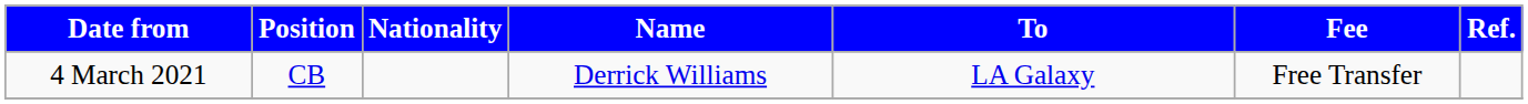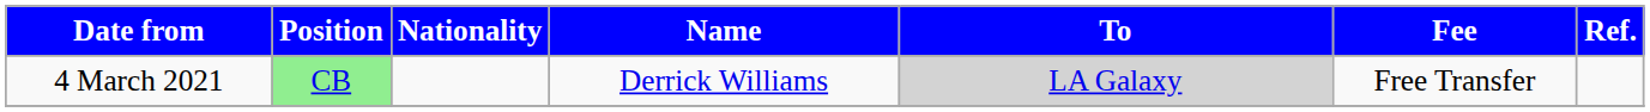 <table class="wikitable"  style="text-align:center; font-size:90%; ">
 <tr>
 <th style="background:#0000FF; color:white; width:120px;">Date from</th>
 <th style="background:#0000FF; color:white; width:50px;">Position</th>
 <th style="background:#0000FF; color:white; width:50px;">Nationality</th>
 <th style="background:#0000FF; color:white; width:160px;">Name</th>
 <th style="background:#0000FF; color:white; width:200px;">To</th>
 <th style="background:#0000FF; color:white; width:110px;">Fee</th>
 <th style="background:#0000FF; color:white; width:25px;">Ref.</th>
 </tr>
 <tr>
 <td>4 March 2021</td>
-<td><a href='#'>CB</a></td>
+<td style="background: lightgreen;"><a href='#'>CB</a></td>
 <td></td>
 <td><a href='#'>Derrick Williams</a></td>
-<td> <a href='#'>LA Galaxy</a></td>
+<td style="background: lightgrey;"> <a href='#'>LA Galaxy</a></td>
 <td>Free Transfer</td>
 <td></td>
 </tr>
 <tr>
 </tr>
 </table>
